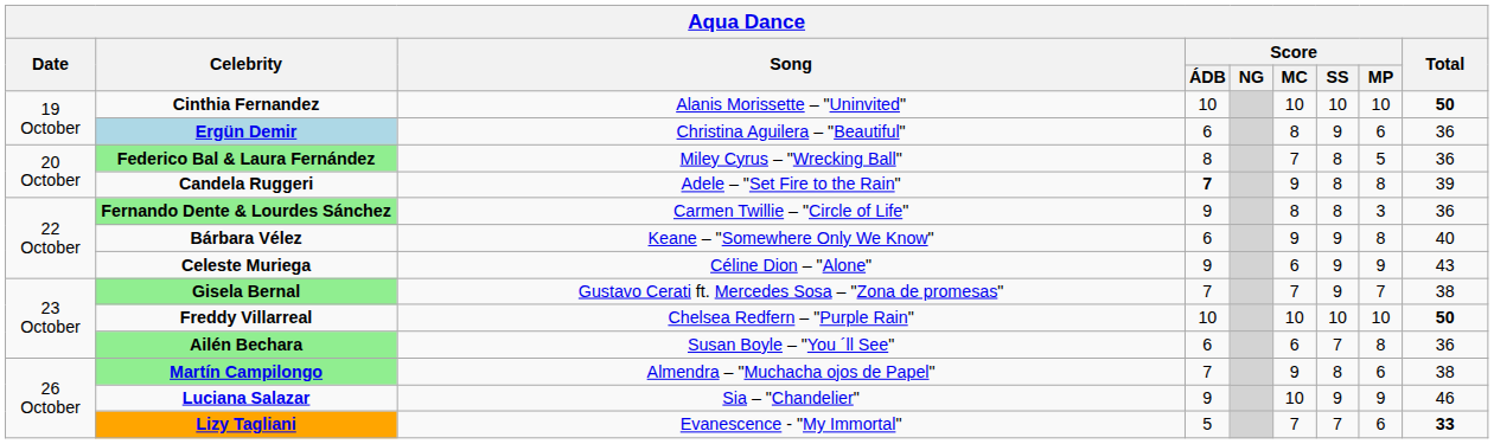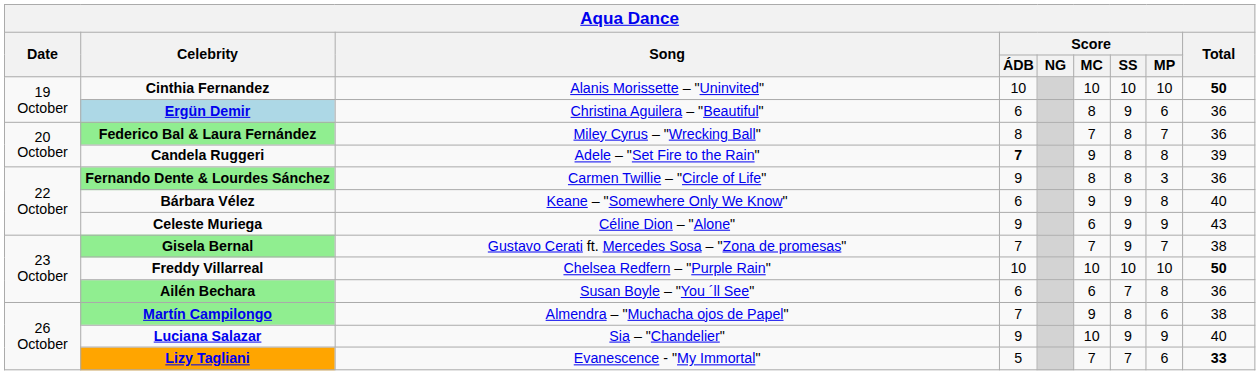 <table class="wikitable collapsible collapsed" style="font-size:90%; text-align: center; width: 100%;">
 <tr>
 <th colspan="11" style="with: 95%;" align=center><big><a href='#'>Aqua Dance</a></big></th>
 </tr>
 <tr>
 <th width=70 rowspan="2">Date</th>
 <th width=250 rowspan="2">Celebrity</th>
 <th rowspan="2">Song</th>
 <th colspan="5">Score</th>
 <th rowspan="2">Total</th>
 </tr>
 <tr>
 <th width=30>ÁDB</th>
 <th width=30>NG</th>
 <th width=30>MC</th>
 <th width=30>SS</th>
 <th width=30>MP</th>
 </tr>
 <tr>
 <td rowspan=2>19 October</td>
 <td><strong>Cinthia Fernandez</strong></td>
 <td><a href='#'>Alanis Morissette</a> – "<a href='#'>Uninvited</a>"</td>
 <td>10</td>
 <td bgcolor="lightgray"></td>
 <td>10</td>
 <td>10</td>
 <td>10</td>
 <td><span><strong>50</strong></span></td>
 </tr>
 <tr>
 <td bgcolor="lightblue"><strong><a href='#'>Ergün Demir</a></strong></td>
 <td><a href='#'>Christina Aguilera</a> – "<a href='#'>Beautiful</a>"</td>
 <td>6</td>
 <td bgcolor="lightgray"></td>
 <td>8</td>
 <td>9</td>
 <td>6</td>
 <td>36</td>
 </tr>
 <tr>
 <td rowspan=2>20 October</td>
 <td bgcolor="lightgreen"><strong>Federico Bal & Laura Fernández</strong></td>
 <td><a href='#'>Miley Cyrus</a> – "<a href='#'>Wrecking Ball</a>"</td>
 <td>8</td>
 <td bgcolor="lightgray"></td>
 <td>7</td>
 <td>8</td>
-<td>5</td>
+<td>7</td>
 <td>36</td>
 </tr>
 <tr>
 <td><strong>Candela Ruggeri</strong></td>
 <td><a href='#'>Adele</a> – "<a href='#'>Set Fire to the Rain</a>"</td>
 <td><strong>7</strong></td>
 <td bgcolor="lightgray"></td>
 <td>9</td>
 <td>8</td>
 <td>8</td>
 <td>39</td>
 </tr>
 <tr>
 <td rowspan=3>22 October</td>
 <td bgcolor="lightgreen"><strong>Fernando Dente & Lourdes Sánchez</strong></td>
 <td><a href='#'>Carmen Twillie</a> – "<a href='#'>Circle of Life</a>"</td>
 <td>9</td>
 <td bgcolor="lightgray"></td>
 <td>8</td>
 <td>8</td>
 <td>3</td>
 <td>36</td>
 </tr>
 <tr>
 <td><strong>Bárbara Vélez</strong></td>
 <td><a href='#'>Keane</a> – "<a href='#'>Somewhere Only We Know</a>"</td>
 <td>6</td>
 <td bgcolor="lightgray"></td>
 <td>9</td>
 <td>9</td>
 <td>8</td>
 <td>40</td>
 </tr>
 <tr>
 <td><strong>Celeste Muriega</strong></td>
 <td><a href='#'>Céline Dion</a> – "<a href='#'>Alone</a>"</td>
 <td>9</td>
 <td bgcolor="lightgray"></td>
 <td>6</td>
 <td>9</td>
 <td>9</td>
 <td>43</td>
 </tr>
 <tr>
 <td rowspan=3>23 October</td>
 <td bgcolor="lightgreen"><strong>Gisela Bernal</strong></td>
 <td><a href='#'>Gustavo Cerati</a> ft. <a href='#'>Mercedes Sosa</a> – "<a href='#'>Zona de promesas</a>"</td>
 <td>7</td>
 <td bgcolor="lightgray"></td>
 <td>7</td>
 <td>9</td>
 <td>7</td>
 <td>38</td>
 </tr>
 <tr>
 <td><strong>Freddy Villarreal</strong></td>
 <td><a href='#'>Chelsea Redfern</a> – "<a href='#'>Purple Rain</a>"</td>
 <td>10</td>
 <td bgcolor="lightgray"></td>
 <td>10</td>
 <td>10</td>
 <td>10</td>
 <td><span><strong>50</strong></span></td>
 </tr>
 <tr>
 <td bgcolor="lightgreen"><strong>Ailén Bechara</strong></td>
 <td><a href='#'>Susan Boyle</a> – "<a href='#'>You ´ll See</a>"</td>
 <td>6</td>
 <td bgcolor="lightgray"></td>
 <td>6</td>
 <td>7</td>
 <td>8</td>
 <td>36</td>
 </tr>
 <tr>
 <td rowspan=3>26 October</td>
 <td bgcolor="lightgreen"><strong><a href='#'>Martín Campilongo</a></strong></td>
 <td><a href='#'>Almendra</a> – "<a href='#'>Muchacha ojos de Papel</a>"</td>
 <td>7</td>
 <td bgcolor="lightgray"></td>
 <td>9</td>
 <td>8</td>
 <td>6</td>
 <td>38</td>
 </tr>
 <tr>
 <td><strong><a href='#'>Luciana Salazar</a></strong></td>
 <td><a href='#'>Sia</a> – "<a href='#'>Chandelier</a>"</td>
 <td>9</td>
 <td bgcolor="lightgray"></td>
 <td>10</td>
 <td>9</td>
 <td>9</td>
-<td>46</td>
+<td>40</td>
 </tr>
 <tr>
 <td bgcolor="orange"><strong><a href='#'>Lizy Tagliani</a></strong></td>
 <td><a href='#'>Evanescence</a>  - "<a href='#'>My Immortal</a>"</td>
 <td>5</td>
 <td bgcolor="lightgray"></td>
 <td>7</td>
 <td>7</td>
 <td>6</td>
 <td><span><strong>33</strong></span></td>
 </tr>
 </table>
